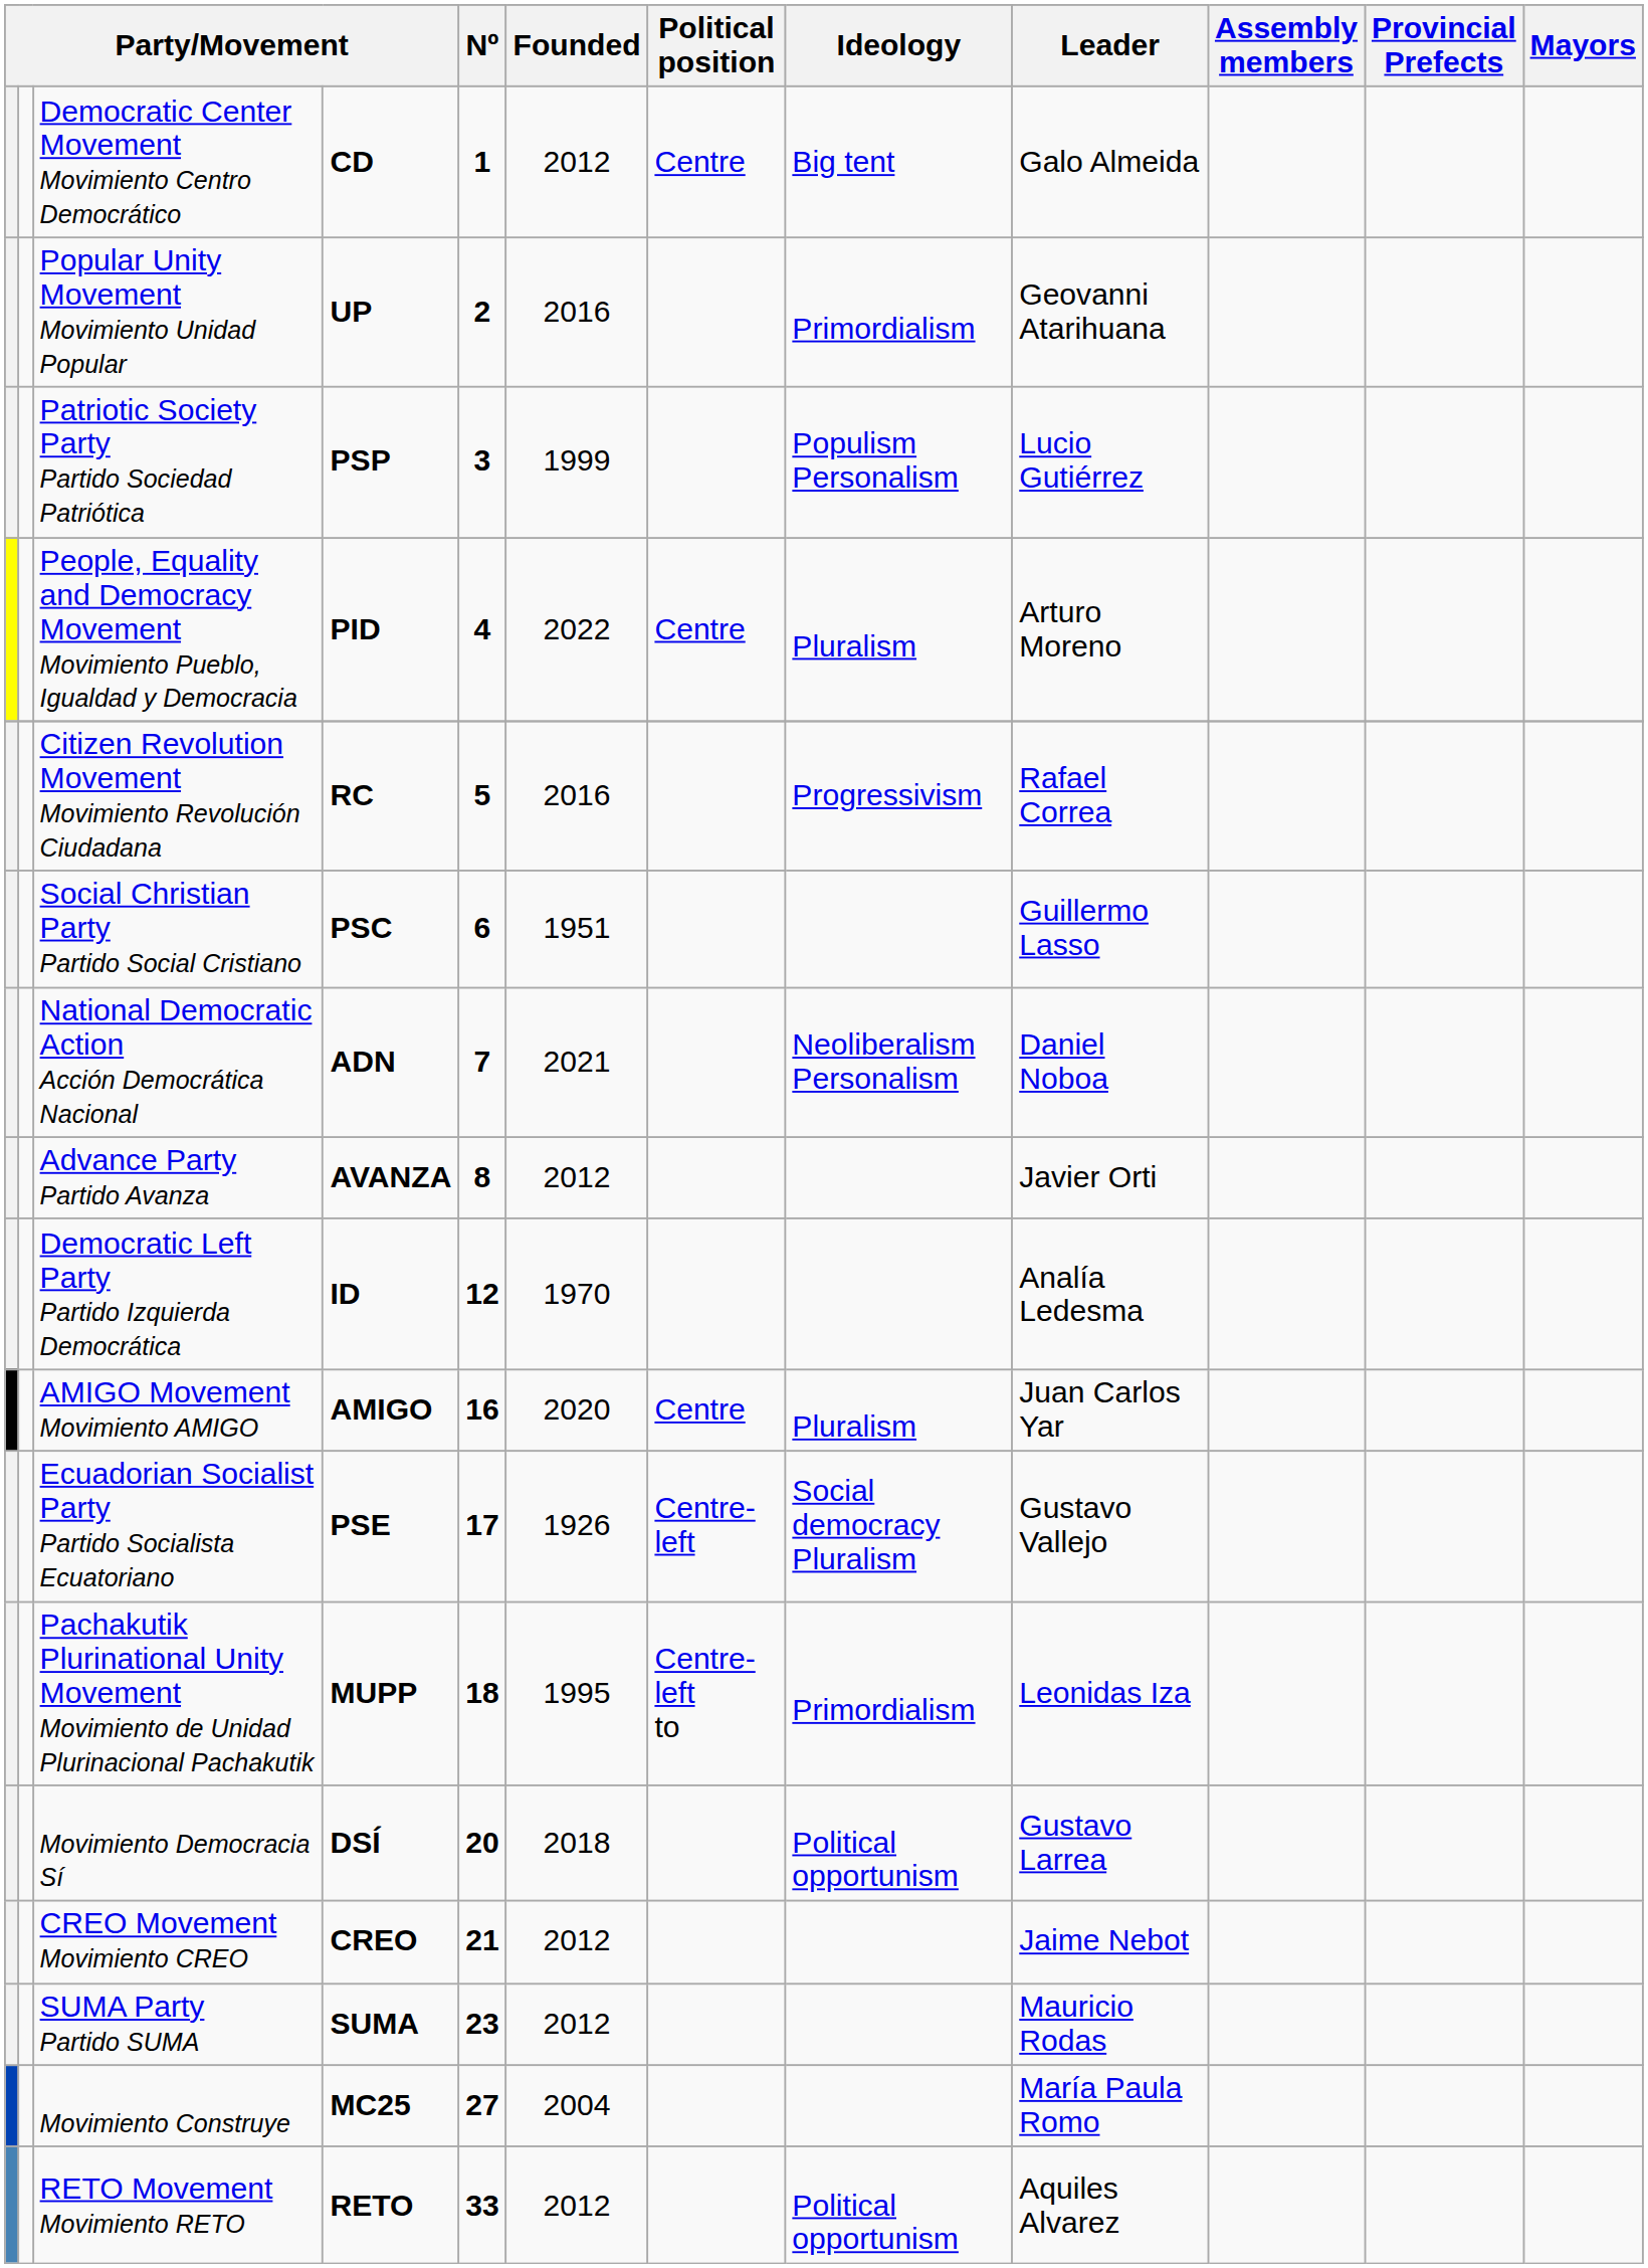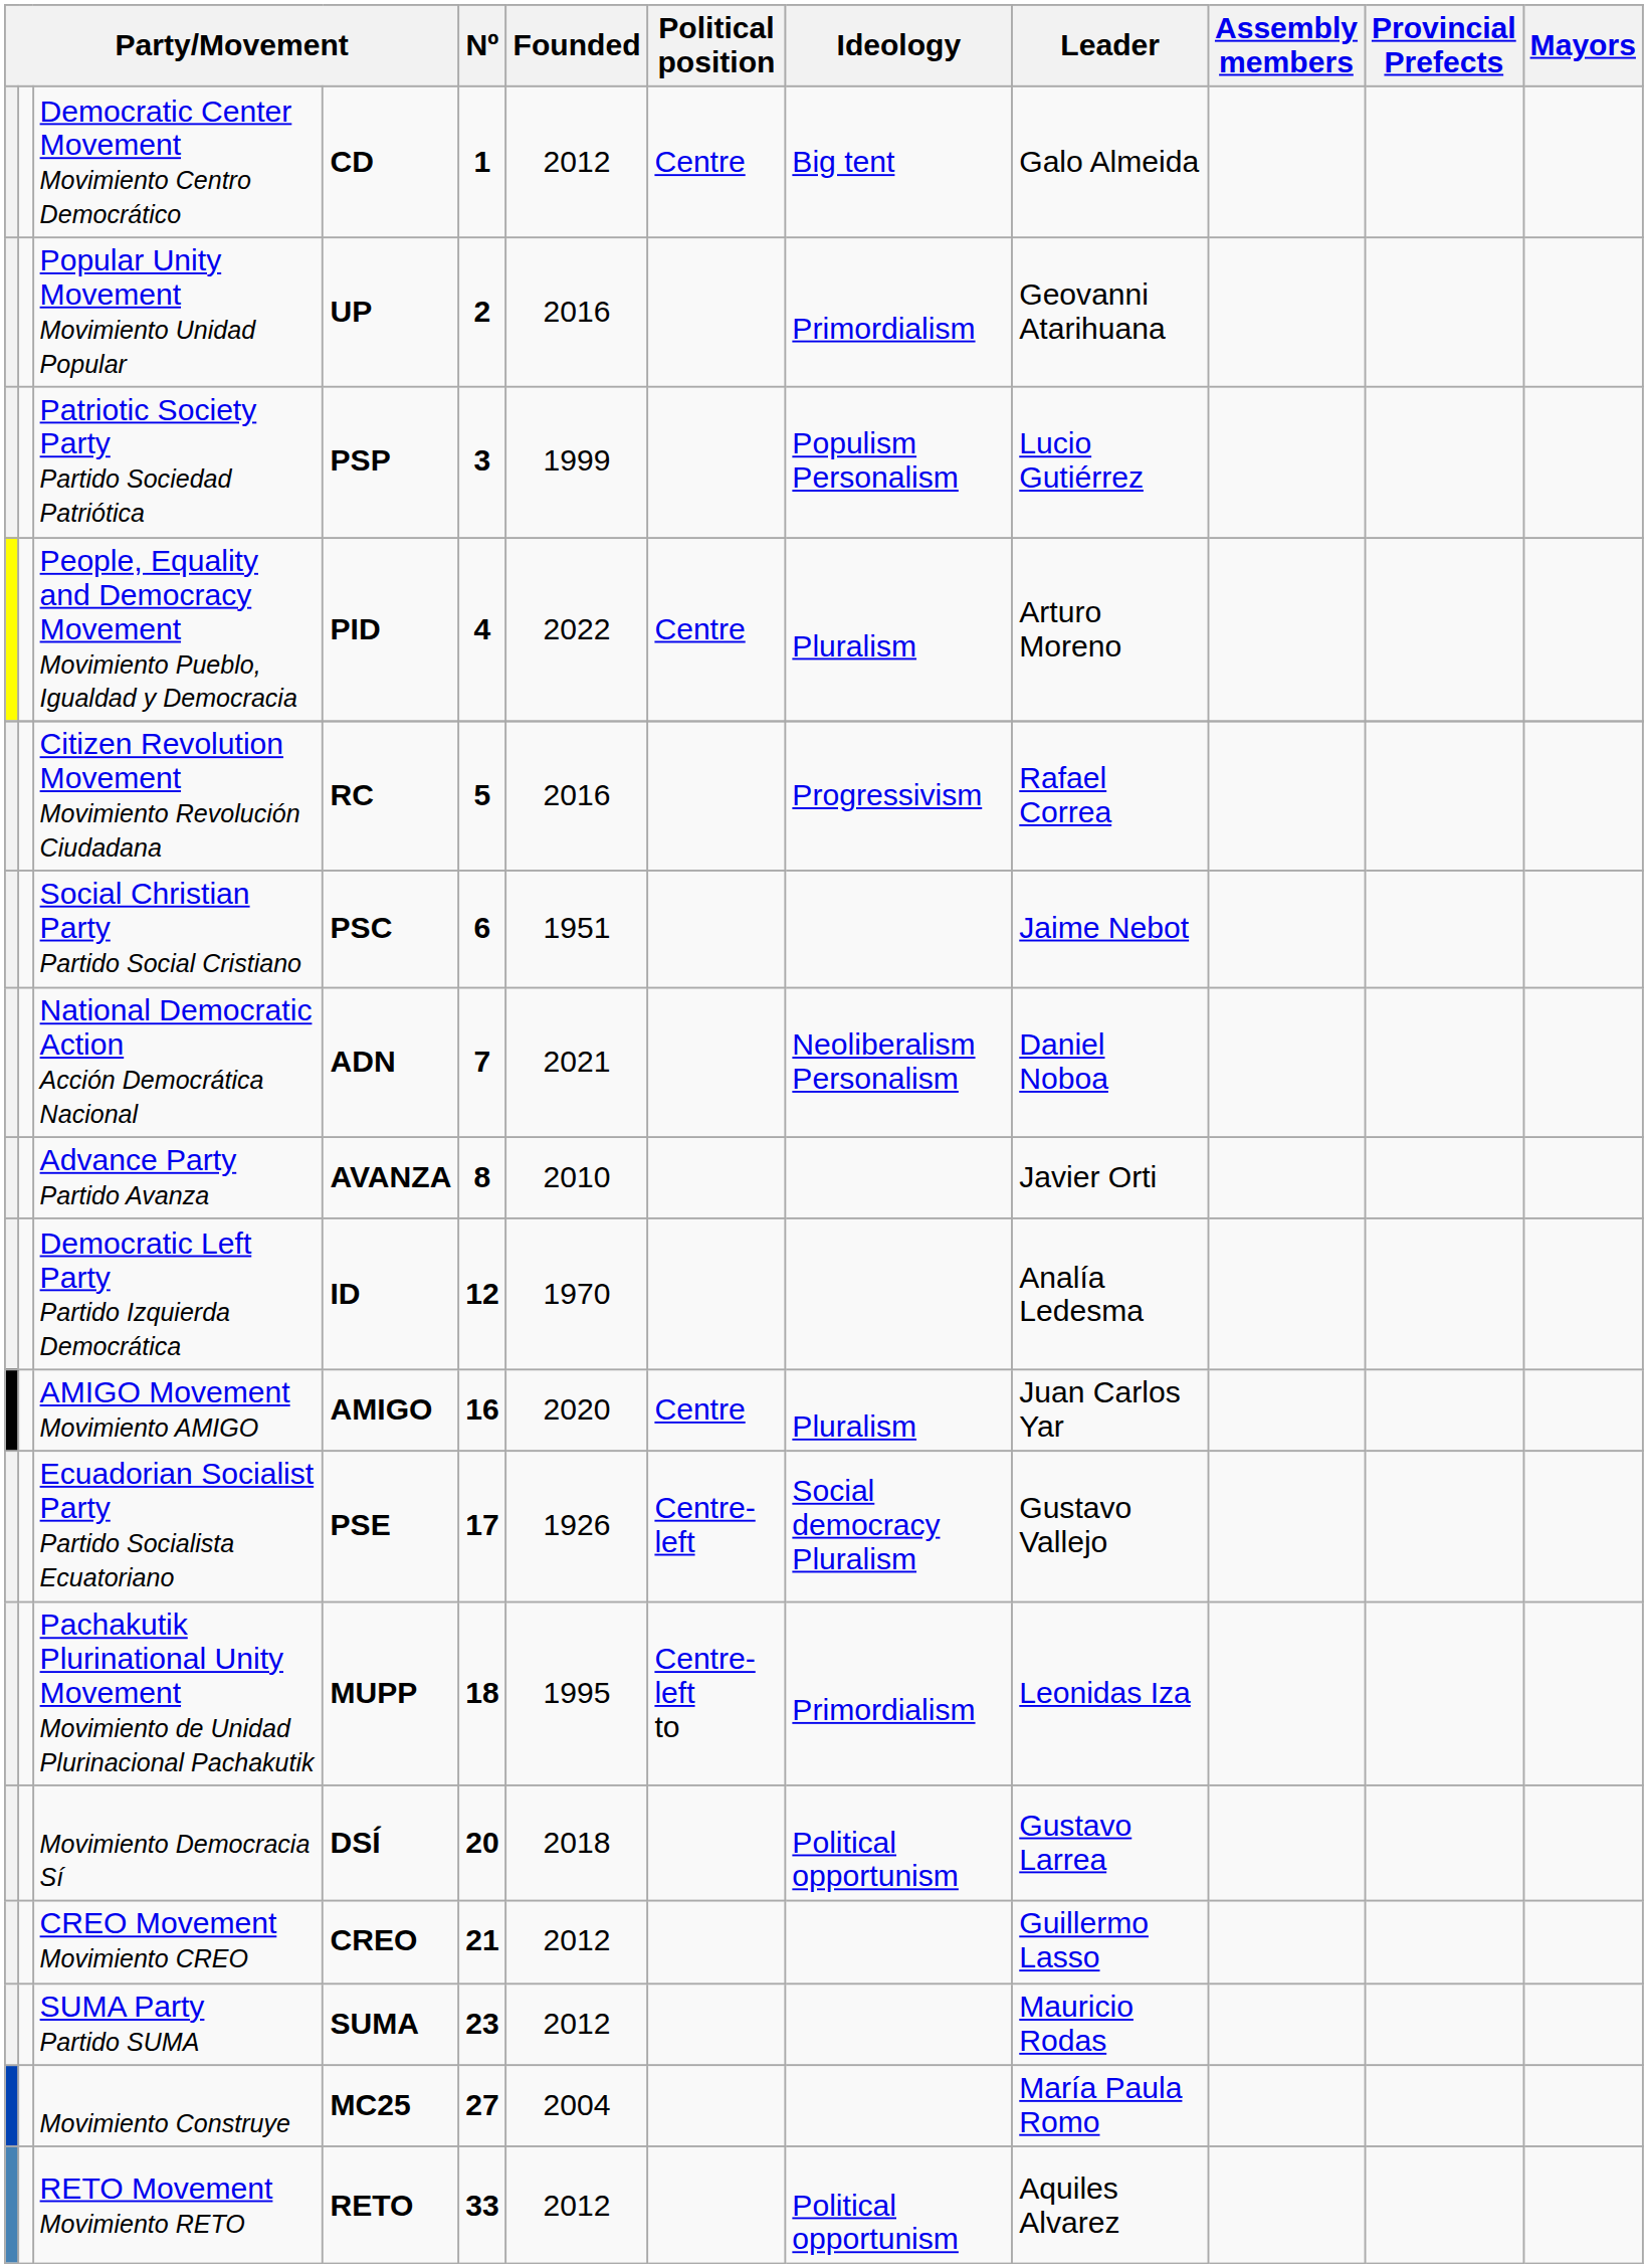 <table class ="wikitable sortable">
 <tr style="background:#ccc;">
 <th colspan="4" scope="col" class="unsortable"  style="width:20px; text-align:center;">Party/Movement</th>
 <th>Nº</th>
 <th>Founded</th>
 <th scope="col" class="unsortable">Political<br>position</th>
 <th scope="col" class="unsortable">Ideology</th>
 <th scope="col" class="unsortable">Leader</th>
 <th data-sort-type="number"><a href='#'>Assembly<br>members</a></th>
 <th data-sort-type="number"><a href='#'>Provincial<br>Prefects</a></th>
 <th data-sort-type="number"><a href='#'>Mayors</a></th>
 </tr>
 <tr>
 <th style="background-color: "></th>
 <td></td>
 <td><a href='#'>Democratic Center Movement</a><br><small><em>Movimiento Centro Democrático</em></small></td>
 <td><strong>CD</strong></td>
 <td align=center><strong>1</strong></td>
 <td align=center>2012</td>
 <td><a href='#'>Centre</a></td>
 <td><a href='#'>Big tent</a><br></td>
 <td>Galo Almeida</td>
 <td align=left></td>
 <td align=left></td>
 <td align=left></td>
 </tr>
 <tr>
 <th style="background-color: "></th>
 <td></td>
 <td><a href='#'>Popular Unity Movement</a><br><small><em>Movimiento Unidad Popular</em></small></td>
 <td><strong>UP</strong></td>
 <td align=center><strong>2</strong></td>
 <td align=center>2016</td>
 <td></td>
 <td><br><a href='#'>Primordialism</a></td>
 <td>Geovanni Atarihuana</td>
 <td align=left></td>
 <td align=left></td>
 <td align=left></td>
 </tr>
 <tr>
 <th style="background-color: "></th>
 <td></td>
 <td><a href='#'>Patriotic Society Party</a><br><small><em>Partido Sociedad Patriótica</em></small></td>
 <td><strong>PSP</strong></td>
 <td align=center><strong>3</strong></td>
 <td align=center>1999</td>
 <td></td>
 <td><a href='#'>Populism</a><br><a href='#'>Personalism</a></td>
 <td><a href='#'>Lucio Gutiérrez</a></td>
 <td align=left></td>
 <td align=left></td>
 <td align=left></td>
 </tr>
 <tr>
 <th style="background-color: yellow"></th>
 <td></td>
 <td><a href='#'>People, Equality and Democracy Movement</a><br><small><em>Movimiento Pueblo, Igualdad y Democracia</em></small></td>
 <td><strong>PID</strong></td>
 <td align=center><strong>4</strong></td>
 <td align=center>2022</td>
 <td><a href='#'>Centre</a></td>
 <td><br><a href='#'>Pluralism</a></td>
 <td>Arturo Moreno</td>
 <td align=left></td>
 <td align=left></td>
 <td align=left></td>
 </tr>
 <tr>
 </tr>
 <tr>
 <th style="background-color: "></th>
 <td></td>
 <td><a href='#'>Citizen Revolution Movement</a><br><small><em>Movimiento Revolución Ciudadana</em></small></td>
 <td><strong>RC</strong></td>
 <td align=center><strong>5</strong></td>
 <td align=center>2016</td>
 <td></td>
 <td><a href='#'>Progressivism</a><br></td>
 <td><a href='#'>Rafael Correa</a></td>
 <td align=left></td>
 <td align=left></td>
 <td align=left></td>
 </tr>
 <tr>
 <th style="background-color: "></th>
 <td></td>
 <td><a href='#'>Social Christian Party</a><br><small><em>Partido Social Cristiano</em></small></td>
 <td><strong>PSC</strong></td>
 <td align=center><strong>6</strong></td>
 <td align=center>1951</td>
 <td></td>
 <td> <br> </td>
-<td><a href='#'>Guillermo Lasso</a></td>
+<td><a href='#'>Jaime Nebot</a></td>
 <td align=left></td>
 <td align=left></td>
 <td align=left></td>
 </tr>
 <tr>
 <th style="background-color: "></th>
 <td></td>
 <td><a href='#'>National Democratic Action</a><br><small><em>Acción Democrática Nacional</em></small></td>
 <td><strong>ADN</strong></td>
 <td align=center><strong>7</strong></td>
 <td align=center>2021</td>
 <td></td>
 <td><a href='#'>Neoliberalism</a><br><a href='#'>Personalism</a></td>
 <td><a href='#'>Daniel Noboa</a></td>
 <td align=left></td>
 <td align=left></td>
 <td align=left></td>
 </tr>
 <tr>
 <th style="background-color: "></th>
 <td></td>
 <td><a href='#'>Advance Party</a><br><small><em>Partido Avanza</em></small></td>
 <td><strong>AVANZA</strong></td>
 <td align=center><strong>8</strong></td>
-<td align=center>2012</td>
+<td align=center>2010</td>
 <td></td>
 <td><br></td>
 <td>Javier Orti</td>
 <td align=left></td>
 <td align=left></td>
 <td align=left></td>
 </tr>
 <tr>
 <th style="background-color: "></th>
 <td></td>
 <td><a href='#'>Democratic Left Party</a><br><small><em>Partido Izquierda Democrática</em></small></td>
 <td><strong>ID</strong></td>
 <td align=center><strong>12</strong></td>
 <td align=center>1970</td>
 <td></td>
 <td> <br></td>
 <td>Analía Ledesma</td>
 <td align=left></td>
 <td align=left></td>
 <td align=left></td>
 </tr>
 <tr>
 <th style="background-color: black"></th>
 <td></td>
 <td><a href='#'>AMIGO Movement</a><br><small><em>Movimiento AMIGO</em></small></td>
 <td><strong>AMIGO</strong></td>
 <td align=center><strong>16</strong></td>
 <td align=center>2020</td>
 <td><a href='#'>Centre</a></td>
 <td><br><a href='#'>Pluralism</a></td>
 <td>Juan Carlos Yar</td>
 <td align=left></td>
 <td align=left></td>
 <td align=left></td>
 </tr>
 <tr>
 <th style="background-color: "></th>
 <td></td>
 <td><a href='#'>Ecuadorian Socialist Party</a><br><small><em>Partido Socialista Ecuatoriano</em></small></td>
 <td><strong>PSE</strong></td>
 <td align=center><strong>17</strong></td>
 <td align=center>1926</td>
 <td><a href='#'>Centre-left</a></td>
 <td><a href='#'>Social democracy</a><br><a href='#'>Pluralism</a></td>
 <td>Gustavo Vallejo</td>
 <td align=left></td>
 <td align=left></td>
 <td align=left></td>
 </tr>
 <tr>
 <th style="background-color: "></th>
 <td></td>
 <td><a href='#'>Pachakutik Plurinational Unity Movement</a><br><small><em>Movimiento de Unidad Plurinacional Pachakutik</em></small></td>
 <td><strong>MUPP</strong></td>
 <td align=center><strong>18</strong></td>
 <td align=center>1995</td>
 <td><a href='#'>Centre-left</a><br>to </td>
 <td> <br><a href='#'>Primordialism</a></td>
 <td><a href='#'>Leonidas Iza</a></td>
 <td align=left></td>
 <td align=left></td>
 <td align=left></td>
 </tr>
 <tr>
 <th style="background-color: "></th>
 <td></td>
 <td><br><small><em>Movimiento Democracia Sí</em></small></td>
 <td><strong>DSÍ</strong></td>
 <td align=center><strong>20</strong></td>
 <td align=center>2018</td>
 <td></td>
 <td><br><a href='#'>Political opportunism</a></td>
 <td><a href='#'>Gustavo Larrea</a></td>
 <td align=left></td>
 <td align=left></td>
 <td align=left></td>
 </tr>
 <tr>
 <th style="background-color: "></th>
 <td></td>
 <td><a href='#'>CREO Movement</a><br><small><em>Movimiento CREO</em></small></td>
 <td><strong>CREO</strong></td>
 <td align=center><strong>21</strong></td>
 <td align=center>2012</td>
 <td></td>
 <td><br></td>
-<td><a href='#'>Jaime Nebot</a></td>
+<td><a href='#'>Guillermo Lasso</a></td>
 <td align=left></td>
 <td align=left></td>
 <td align=left></td>
 </tr>
 <tr>
 <th style="background-color: "></th>
 <td></td>
 <td><a href='#'>SUMA Party</a><br><small><em>Partido SUMA</em></small></td>
 <td><strong>SUMA</strong></td>
 <td align=center><strong>23</strong></td>
 <td align=center>2012</td>
 <td></td>
 <td><br></td>
 <td><a href='#'>Mauricio Rodas</a></td>
 <td align=left></td>
 <td align=left></td>
 <td align=left></td>
 </tr>
 <tr>
 <th style="background-color:#0041B3"></th>
 <td></td>
 <td><br><small><em>Movimiento Construye</em></small></td>
 <td><strong>MC25</strong></td>
 <td align=center><strong>27</strong></td>
 <td align=center>2004</td>
 <td></td>
 <td></td>
 <td><a href='#'>María Paula Romo</a></td>
 <td align=left></td>
 <td align=left></td>
 <td align=left></td>
 </tr>
 <tr>
 <th style="background-color: #4682B4"></th>
 <td></td>
 <td><a href='#'>RETO Movement</a><br><small><em>Movimiento RETO</em></small></td>
 <td><strong>RETO</strong></td>
 <td align=center><strong>33</strong></td>
 <td align=center>2012</td>
 <td></td>
 <td><br><a href='#'>Political opportunism</a></td>
 <td>Aquiles Alvarez</td>
 <td align=left></td>
 <td align=left></td>
 <td align=left></td>
 </tr>
 </table>
